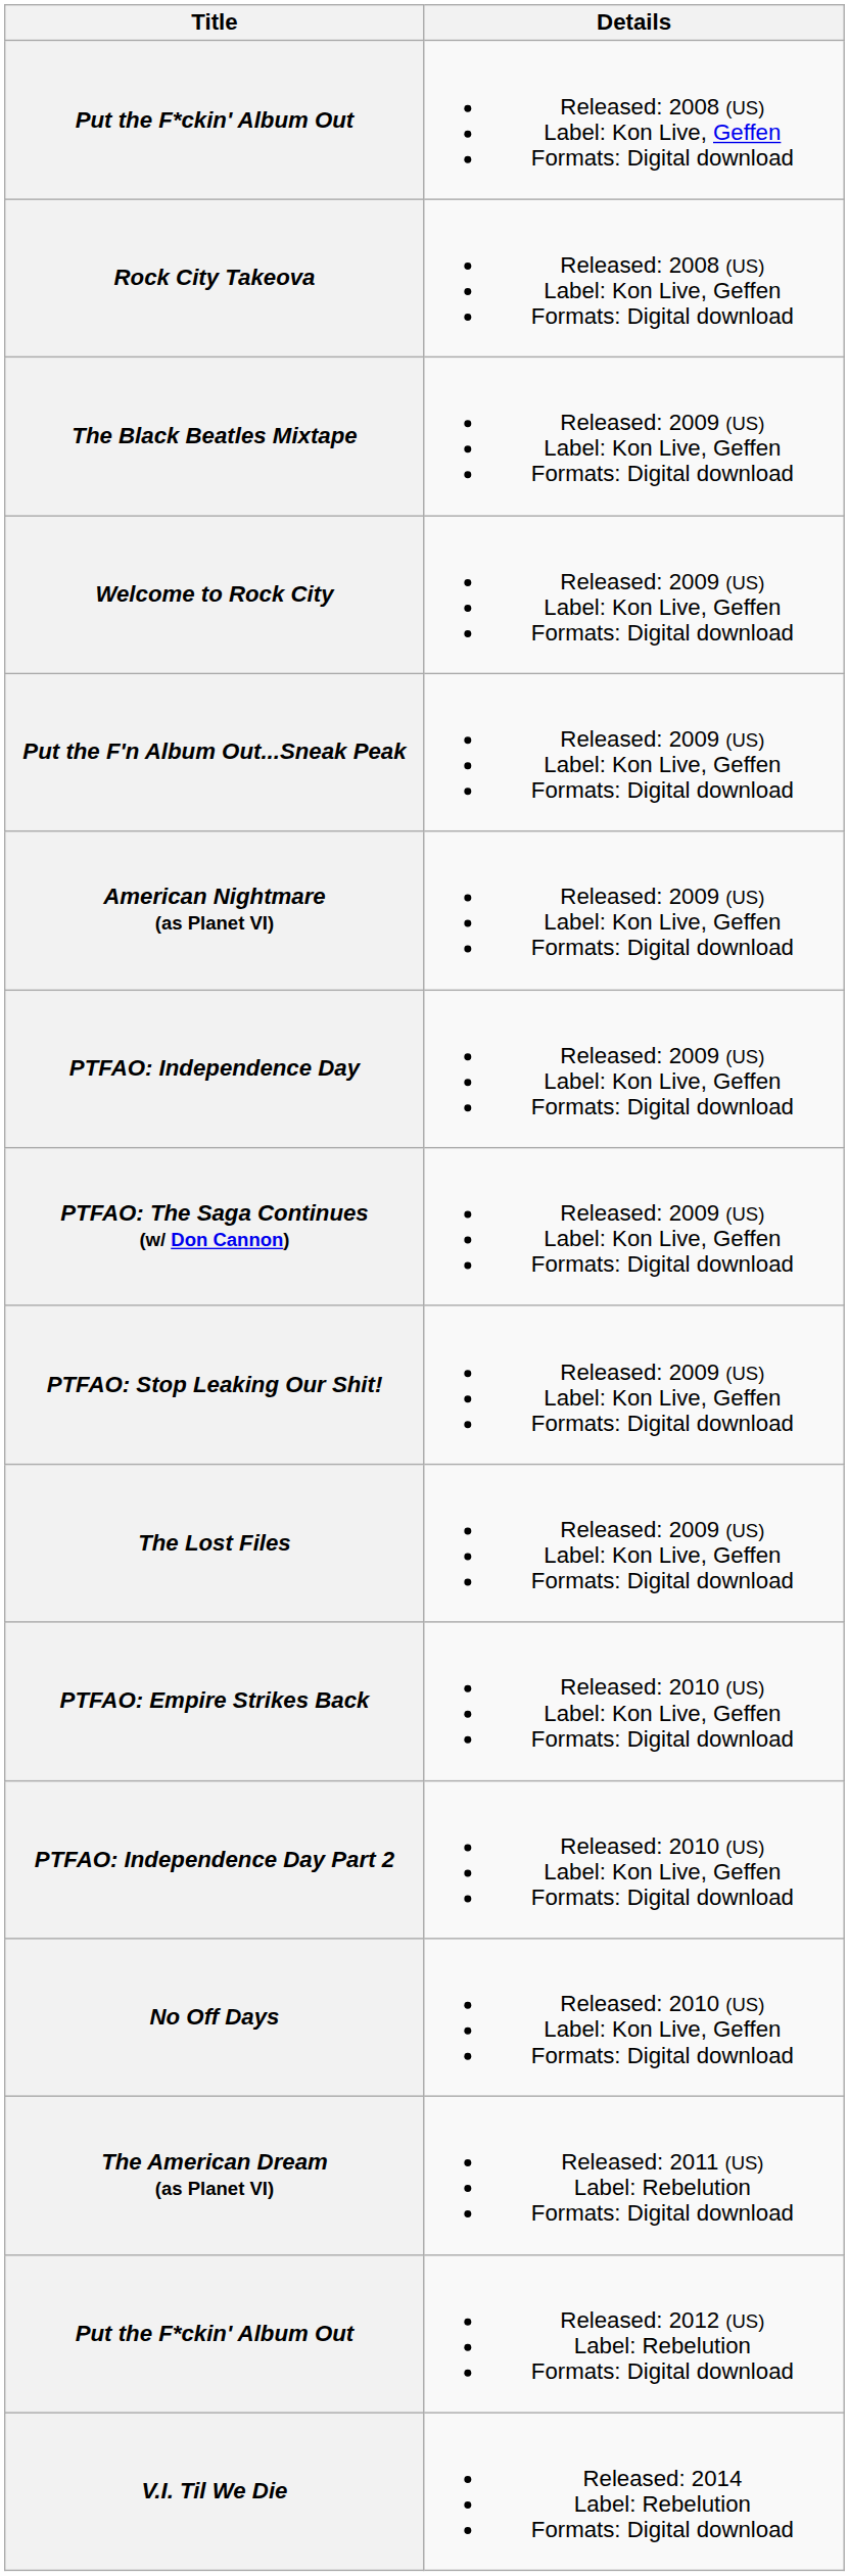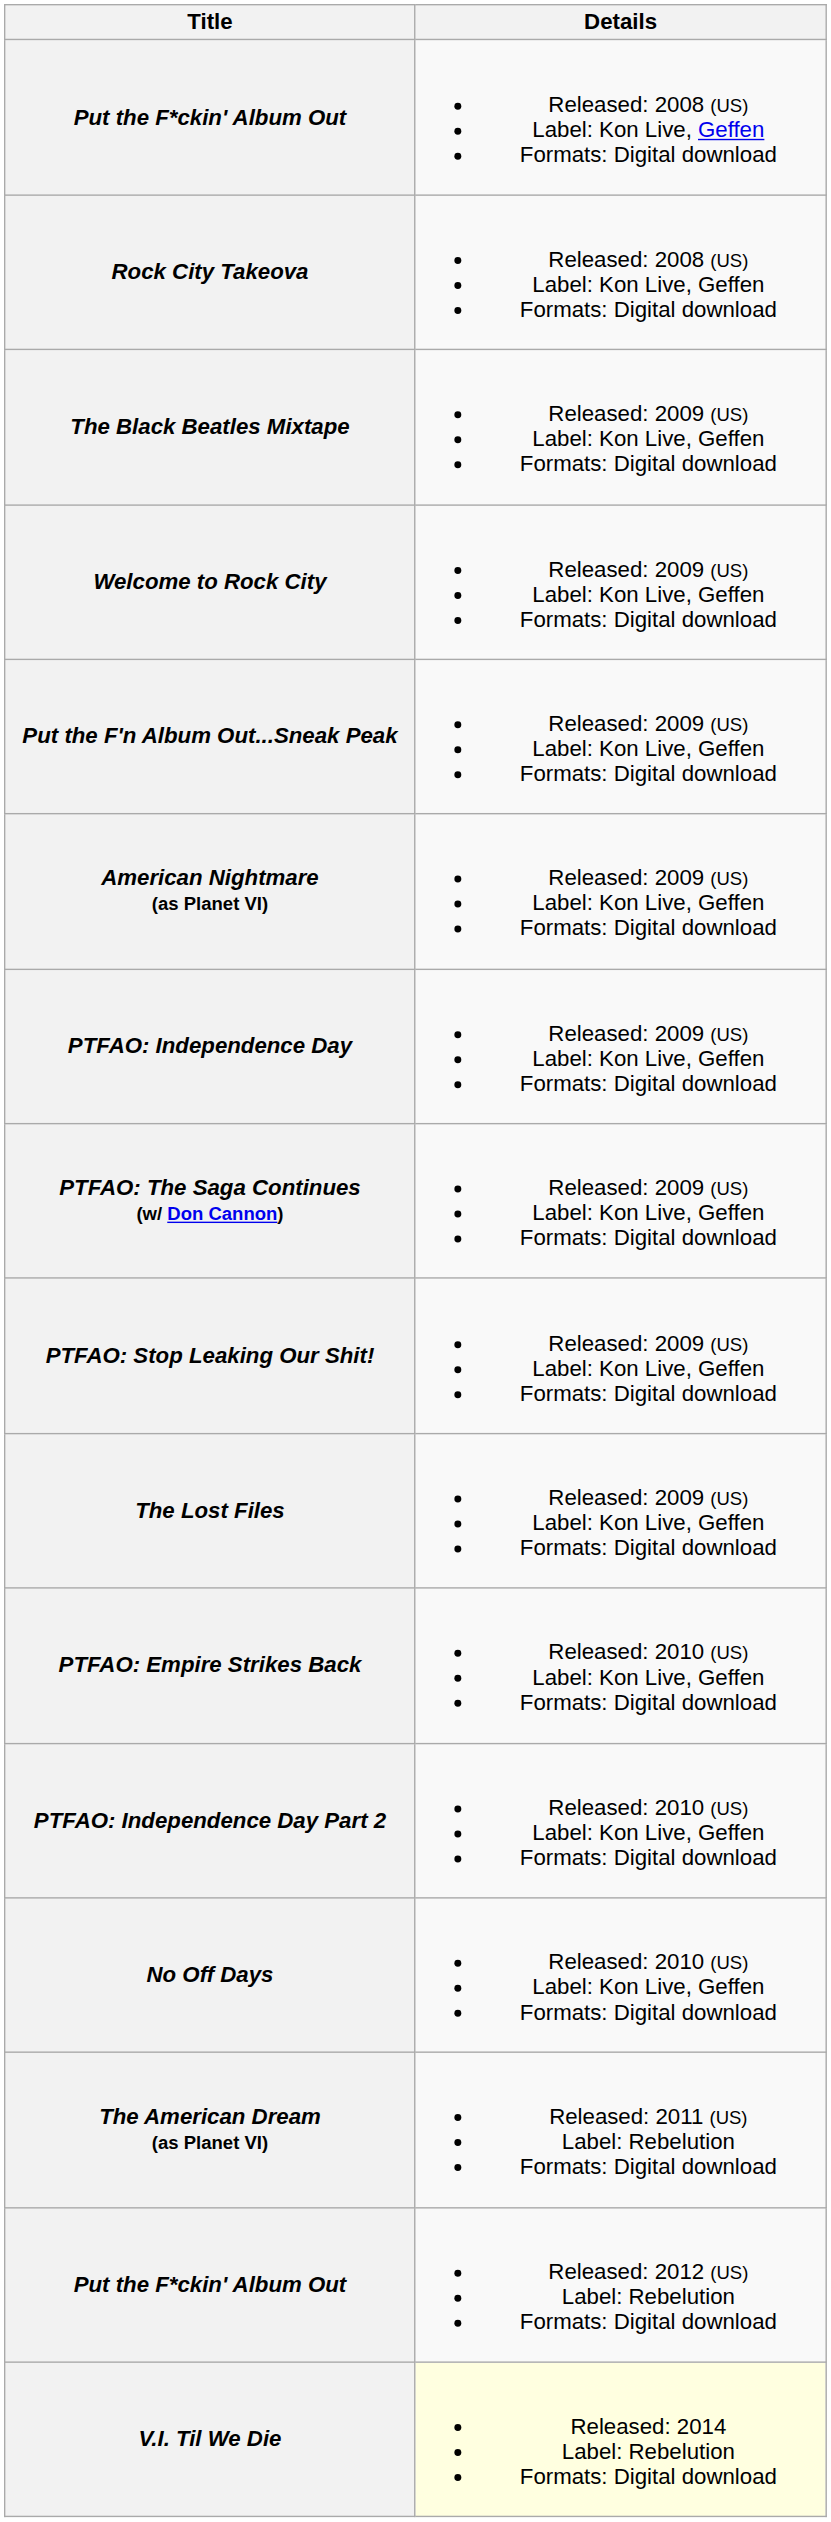 <table class="wikitable plainrowheaders" style="text-align:center;">
 <tr>
 <th scope="col" style="width:18em;">Title</th>
 <th scope="col" style="width:18em;">Details</th>
 </tr>
 <tr>
 <th scope="row"><em>Put the F*ckin' Album Out</em></th>
 <td><br><ul><li>Released: 2008 <small>(US)</small></li><li>Label: Kon Live, <a href='#'>Geffen</a></li><li>Formats: Digital download</li></ul></td>
 </tr>
 <tr>
 <th scope="row"><em>Rock City Takeova</em></th>
 <td><br><ul><li>Released: 2008 <small>(US)</small></li><li>Label: Kon Live, Geffen</li><li>Formats: Digital download</li></ul></td>
 </tr>
 <tr>
 <th scope="row"><em>The Black Beatles Mixtape</em></th>
 <td><br><ul><li>Released: 2009 <small>(US)</small></li><li>Label: Kon Live, Geffen</li><li>Formats: Digital download</li></ul></td>
 </tr>
 <tr>
 <th scope="row"><em>Welcome to Rock City</em></th>
 <td><br><ul><li>Released: 2009 <small>(US)</small></li><li>Label: Kon Live, Geffen</li><li>Formats: Digital download</li></ul></td>
 </tr>
 <tr>
 <th scope="row"><em>Put the F'n Album Out...Sneak Peak</em></th>
 <td><br><ul><li>Released: 2009 <small>(US)</small></li><li>Label: Kon Live, Geffen</li><li>Formats: Digital download</li></ul></td>
 </tr>
 <tr>
 <th scope="row"><em>American Nightmare</em><br><small>(as Planet VI)</small></th>
 <td><br><ul><li>Released: 2009 <small>(US)</small></li><li>Label: Kon Live, Geffen</li><li>Formats: Digital download</li></ul></td>
 </tr>
 <tr>
 <th scope="row"><em>PTFAO: Independence Day</em></th>
 <td><br><ul><li>Released: 2009 <small>(US)</small></li><li>Label: Kon Live, Geffen</li><li>Formats: Digital download</li></ul></td>
 </tr>
 <tr>
 <th scope="row"><em>PTFAO: The Saga Continues</em><br><small>(w/ <a href='#'>Don Cannon</a>)</small></th>
 <td><br><ul><li>Released: 2009 <small>(US)</small></li><li>Label: Kon Live, Geffen</li><li>Formats: Digital download</li></ul></td>
 </tr>
 <tr>
 <th scope="row"><em>PTFAO: Stop Leaking Our Shit!</em></th>
 <td><br><ul><li>Released: 2009 <small>(US)</small></li><li>Label: Kon Live, Geffen</li><li>Formats: Digital download</li></ul></td>
 </tr>
 <tr>
 <th scope="row"><em>The Lost Files</em></th>
 <td><br><ul><li>Released: 2009 <small>(US)</small></li><li>Label: Kon Live, Geffen</li><li>Formats: Digital download</li></ul></td>
 </tr>
 <tr>
 <th scope="row"><em>PTFAO: Empire Strikes Back</em></th>
 <td><br><ul><li>Released: 2010 <small>(US)</small></li><li>Label: Kon Live, Geffen</li><li>Formats: Digital download</li></ul></td>
 </tr>
 <tr>
 <th scope="row"><em>PTFAO: Independence Day Part 2</em></th>
 <td><br><ul><li>Released: 2010 <small>(US)</small></li><li>Label: Kon Live, Geffen</li><li>Formats: Digital download</li></ul></td>
 </tr>
 <tr>
 <th scope="row"><em>No Off Days</em></th>
 <td><br><ul><li>Released: 2010 <small>(US)</small></li><li>Label: Kon Live, Geffen</li><li>Formats: Digital download</li></ul></td>
 </tr>
 <tr>
 <th scope="row"><em>The American Dream</em><br><small>(as Planet VI)</small></th>
 <td><br><ul><li>Released: 2011 <small>(US)</small></li><li>Label: Rebelution</li><li>Formats: Digital download</li></ul></td>
 </tr>
 <tr>
 <th scope="row"><em>Put the F*ckin' Album Out</em></th>
 <td><br><ul><li>Released: 2012 <small>(US)</small></li><li>Label: Rebelution</li><li>Formats: Digital download</li></ul></td>
 </tr>
 <tr>
 <th scope="row"><em>V.I. Til We Die</em></th>
-<td><br><ul><li>Released: 2014</li><li>Label: Rebelution</li><li>Formats: Digital download</li></ul></td>
+<td style="background: lightyellow;"><br><ul><li>Released: 2014</li><li>Label: Rebelution</li><li>Formats: Digital download</li></ul></td>
 </tr>
 </table>
